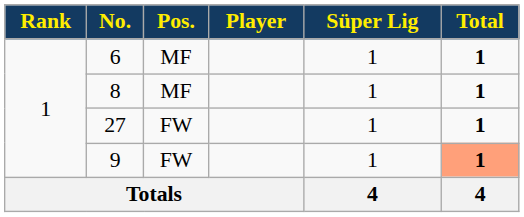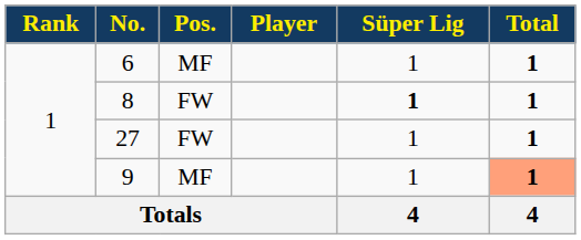 <table class="wikitable sortable" style="text-align:center;width:30%;">
 <tr>
 <th style="background:#133A61; color:#FFED00; ">Rank</th>
 <th style="background:#133A61; color:#FFED00; ">No.</th>
 <th style="background:#133A61; color:#FFED00; ">Pos.</th>
 <th style="background:#133A61; color:#FFED00; ">Player</th>
 <th style="background:#133A61; color:#FFED00; ">Süper Lig</th>
 <th style="background:#133A61; color:#FFED00; ">Total</th>
 </tr>
 <tr>
 <td rowspan=4>1</td>
 <td>6</td>
 <td>MF</td>
 <td align=left> </td>
 <td>1</td>
 <td><strong>1</strong></td>
 </tr>
 <tr>
 <td>8</td>
-<td>MF</td>
+<td>FW</td>
 <td align=left> </td>
-<td>1</td>
+<td><strong>1</strong></td>
 <td><strong>1</strong></td>
 </tr>
 <tr>
 <td>27</td>
 <td>FW</td>
 <td align=left> </td>
 <td>1</td>
 <td><strong>1</strong></td>
 </tr>
 <tr>
 <td>9</td>
-<td>FW</td>
+<td>MF</td>
 <td align=left> </td>
 <td>1</td>
 <td style="background: lightsalmon;"><strong>1</strong></td>
 </tr>
 <tr>
 <th colspan=4><strong>Totals</strong></th>
 <th><strong>4</strong></th>
 <th><strong>4</strong></th>
 </tr>
 </table>
